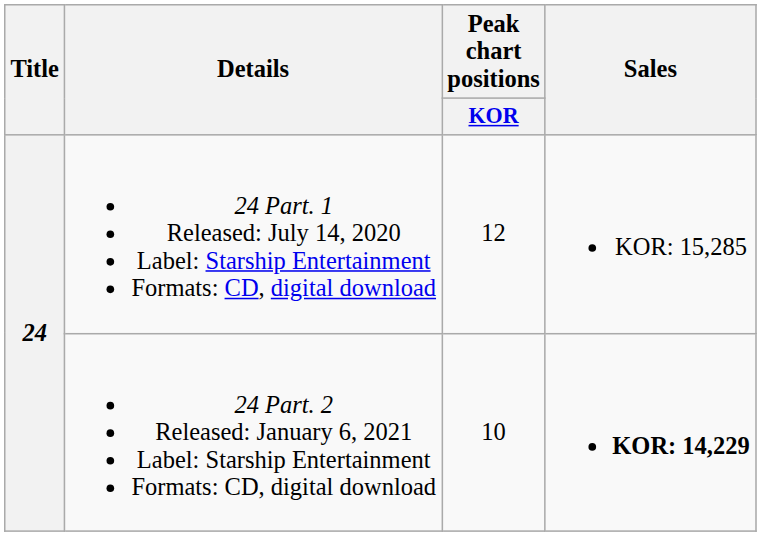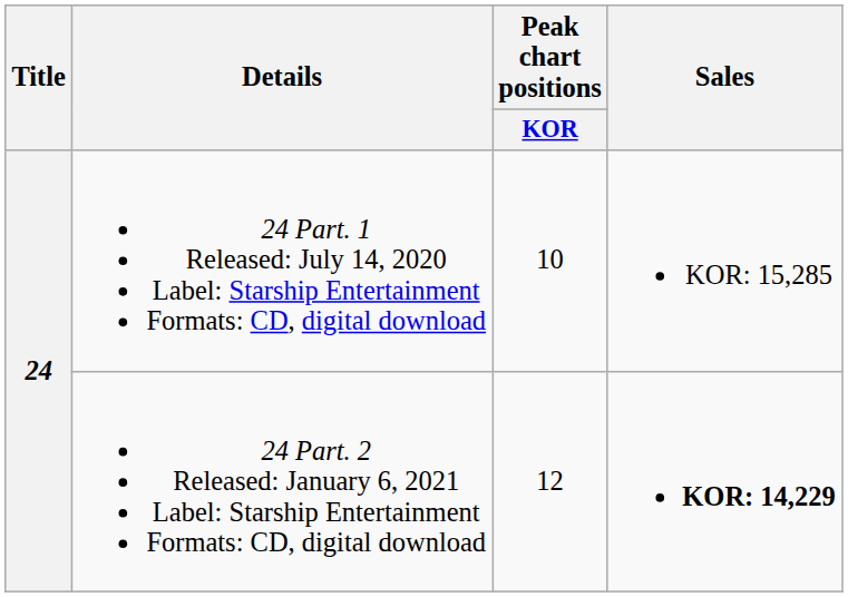 <table class="wikitable plainrowheaders" style="text-align:center">
 <tr>
 <th scope="col" rowspan="2">Title</th>
 <th scope="col" rowspan="2">Details</th>
 <th scope="col">Peak chart positions</th>
 <th scope="col" rowspan="2">Sales</th>
 </tr>
 <tr>
 <th scope="col" style="width:3.5em;font-size:90%;"><a href='#'>KOR</a><br></th>
 </tr>
 <tr>
 <th scope="row" rowspan="2"><em>24</em></th>
 <td><br><ul><li><em>24 Part. 1</em></li><li>Released: July 14, 2020</li><li>Label: <a href='#'>Starship Entertainment</a></li><li>Formats: <a href='#'>CD</a>, <a href='#'>digital download</a></li></ul></td>
-<td>12</td>
+<td>10</td>
 <td><br><ul><li>KOR: 15,285</li></ul></td>
 </tr>
 <tr>
 <td><br><ul><li><em>24 Part. 2</em></li><li>Released: January 6, 2021</li><li>Label: Starship Entertainment</li><li>Formats: CD, digital download</li></ul></td>
-<td>10</td>
+<td>12</td>
 <td><strong><br><ul><li>KOR: 14,229</li></ul></strong></td>
 </tr>
 </table>
